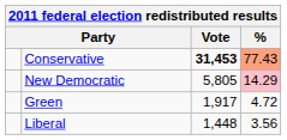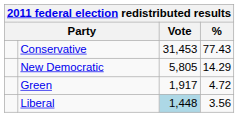 <table class="wikitable">
 <tr>
 <th colspan="4"><a href='#'>2011 federal election</a> redistributed results</th>
 </tr>
 <tr>
 <th bgcolor="#DDDDFF" width="130px" colspan="2">Party</th>
 <th bgcolor="#DDDDFF" width="50px">Vote</th>
 <th bgcolor="#DDDDFF" width="30px">%</th>
 </tr>
 <tr>
 <td> </td>
 <td><a href='#'>Conservative</a></td>
-<td align=right><strong>31,453</strong></td>
-<td align=right style="background: lightsalmon;">77.43</td>
+<td align=right>31,453</td>
+<td align=right>77.43</td>
 </tr>
 <tr>
 <td> </td>
 <td><a href='#'>New Democratic</a></td>
 <td align=right>5,805</td>
-<td align=right style="background: pink;">14.29</td>
+<td align=right>14.29</td>
 </tr>
 <tr>
 <td> </td>
 <td><a href='#'>Green</a></td>
 <td align=right>1,917</td>
 <td align=right>4.72</td>
 </tr>
 <tr>
 <td> </td>
 <td><a href='#'>Liberal</a></td>
-<td align=right>1,448</td>
+<td align=right style="background: lightblue;">1,448</td>
 <td align=right>3.56</td>
 </tr>
 </table>
